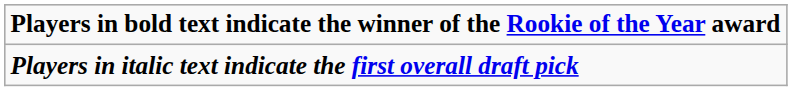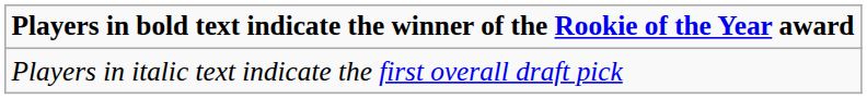 <table class="wikitable">
 <tr>
 <td align=left><strong>Players in bold text indicate the winner of the <a href='#'>Rookie of the Year</a> award</strong></td>
 </tr>
 <tr>
-<td align=left><strong><em>Players in italic text indicate the <a href='#'>first overall draft pick</a></em></strong></td>
+<td align=left><em>Players in italic text indicate the <a href='#'>first overall draft pick</a></em></td>
 </tr>
 </table>
